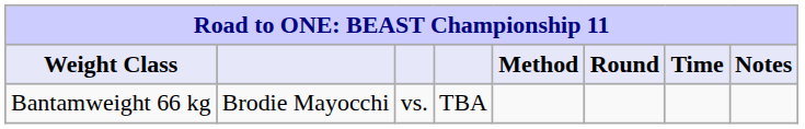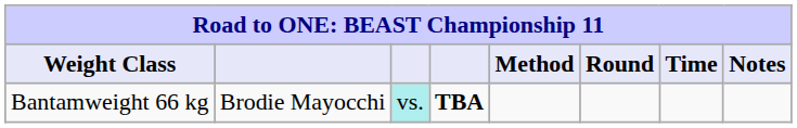 <table class="wikitable" style="font-size: 80%;">
 <tr>
 <th colspan="8" style="background-color: #ccf; color: #000080; text-align: center;"><strong>Road to ONE: BEAST Championship 11</strong></th>
 </tr>
 <tr>
 <th colspan="1" style="background-color: #E6E8FA; color: #000000; text-align: center;">Weight Class</th>
 <th colspan="1" style="background-color: #E6E8FA; color: #000000; text-align: center;"></th>
 <th colspan="1" style="background-color: #E6E8FA; color: #000000; text-align: center;"></th>
 <th colspan="1" style="background-color: #E6E8FA; color: #000000; text-align: center;"></th>
 <th colspan="1" style="background-color: #E6E8FA; color: #000000; text-align: center;">Method</th>
 <th colspan="1" style="background-color: #E6E8FA; color: #000000; text-align: center;">Round</th>
 <th colspan="1" style="background-color: #E6E8FA; color: #000000; text-align: center;">Time</th>
 <th colspan="1" style="background-color: #E6E8FA; color: #000000; text-align: center;">Notes</th>
 </tr>
 <tr>
 <td>Bantamweight 66 kg</td>
 <td> Brodie Mayocchi</td>
-<td align=center>vs.</td>
-<td> TBA</td>
+<td align=center style="background: paleturquoise;">vs.</td>
+<td><strong> TBA</strong></td>
 <td></td>
 <td align=center></td>
 <td align=center></td>
 <td></td>
 </tr>
 </table>
